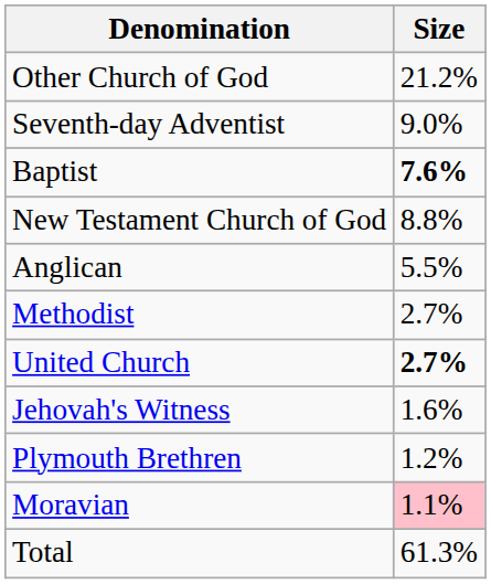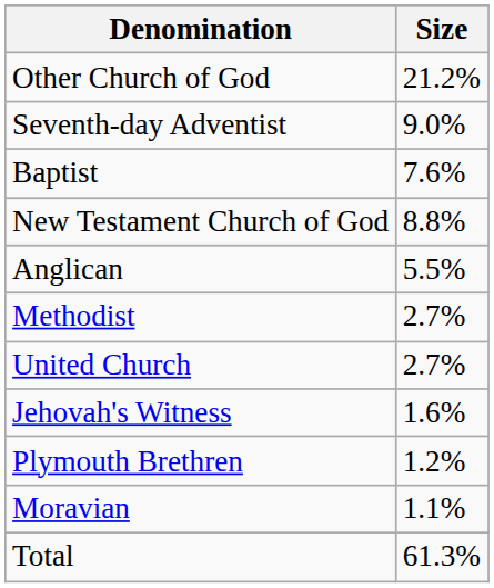 <table class="wikitable">
 <tr>
 <th>Denomination</th>
 <th>Size</th>
 </tr>
 <tr>
 <td>Other Church of God</td>
 <td>21.2%</td>
 </tr>
 <tr>
 <td>Seventh-day Adventist</td>
 <td>9.0%</td>
 </tr>
 <tr>
 <td>Baptist</td>
-<td><strong>7.6%</strong></td>
+<td>7.6%</td>
 </tr>
 <tr>
 <td>New Testament Church of God</td>
 <td>8.8%</td>
 </tr>
 <tr>
 <td>Anglican</td>
 <td>5.5%</td>
 </tr>
 <tr>
 <td><a href='#'>Methodist</a></td>
 <td>2.7%</td>
 </tr>
 <tr>
 <td><a href='#'>United Church</a></td>
-<td><strong>2.7%</strong></td>
+<td>2.7%</td>
 </tr>
 <tr>
 <td><a href='#'>Jehovah's Witness</a></td>
 <td>1.6%</td>
 </tr>
 <tr>
 <td><a href='#'>Plymouth Brethren</a></td>
 <td>1.2%</td>
 </tr>
 <tr>
 <td><a href='#'>Moravian</a></td>
-<td style="background: pink;">1.1%</td>
+<td>1.1%</td>
 </tr>
 <tr>
 <td>Total</td>
 <td>61.3%</td>
 </tr>
 </table>
